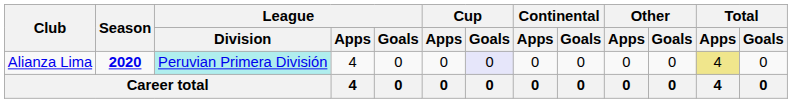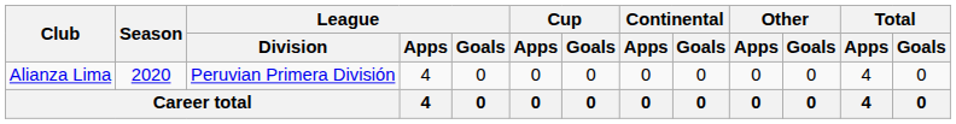 <table class="wikitable" style="text-align: center">
 <tr>
 <th rowspan="2">Club</th>
 <th rowspan="2">Season</th>
 <th colspan="3">League</th>
 <th colspan="2">Cup</th>
 <th colspan="2">Continental</th>
 <th colspan="2">Other</th>
 <th colspan="2">Total</th>
 </tr>
 <tr>
 <th>Division</th>
 <th>Apps</th>
 <th>Goals</th>
 <th>Apps</th>
 <th>Goals</th>
 <th>Apps</th>
 <th>Goals</th>
 <th>Apps</th>
 <th>Goals</th>
 <th>Apps</th>
 <th>Goals</th>
 </tr>
 <tr>
 <td><a href='#'>Alianza Lima</a></td>
-<td><strong><a href='#'>2020</a></strong></td>
-<td style="background: paleturquoise;"><a href='#'>Peruvian Primera División</a></td>
+<td><a href='#'>2020</a></td>
+<td><a href='#'>Peruvian Primera División</a></td>
 <td>4</td>
-<td>0</td>
-<td>0</td>
-<td style="background: lavender;">0</td>
 <td>0</td>
 <td>0</td>
 <td>0</td>
 <td>0</td>
-<td style="background: khaki;">4</td>
+<td>0</td>
+<td>0</td>
+<td>0</td>
+<td>4</td>
 <td>0</td>
 </tr>
 <tr>
 <th colspan="3"><strong>Career total</strong></th>
 <th>4</th>
 <th>0</th>
 <th>0</th>
 <th>0</th>
 <th>0</th>
 <th>0</th>
 <th>0</th>
 <th>0</th>
 <th>4</th>
 <th>0</th>
 </tr>
 </table>
